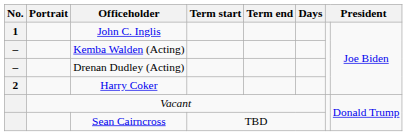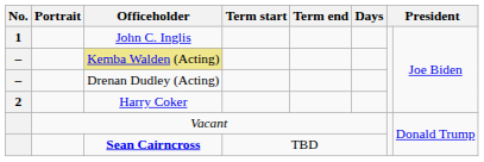 <table class="wikitable" style="text-align: center;">
 <tr>
 <th>No.</th>
 <th>Portrait</th>
 <th>Officeholder</th>
 <th>Term start</th>
 <th>Term end</th>
 <th>Days</th>
 <th colspan="2">President</th>
 </tr>
 <tr>
 <th style="background:">1</th>
 <td></td>
 <td><a href='#'>John C. Inglis</a></td>
 <td></td>
 <td></td>
 <td></td>
 <td rowspan="4" style="background: "></td>
 <td rowspan="4"><a href='#'>Joe Biden</a></td>
 </tr>
 <tr>
 <th>–</th>
 <td></td>
-<td><a href='#'>Kemba Walden</a> (Acting)</td>
+<td style="background: khaki;"><a href='#'>Kemba Walden</a> (Acting)</td>
 <td></td>
 <td></td>
 <td></td>
 </tr>
 <tr>
 <th>–</th>
 <td></td>
 <td>Drenan Dudley (Acting)</td>
 <td></td>
 <td></td>
 <td></td>
 </tr>
 <tr>
 <th style="background:">2</th>
 <td></td>
 <td><a href='#'>Harry Coker</a></td>
 <td></td>
 <td></td>
 <td></td>
 </tr>
 <tr>
 <th></th>
 <td colspan=5><em>Vacant</em></td>
 <td rowspan="4" style="background: "></td>
 <td rowspan="4"><a href='#'>Donald Trump</a></td>
 </tr>
 <tr>
 <th style="background:"></th>
 <td></td>
-<td><a href='#'>Sean Cairncross</a></td>
+<td><strong><a href='#'>Sean Cairncross</a></strong></td>
 <td colspan="3">TBD</td>
 </tr>
 </table>
